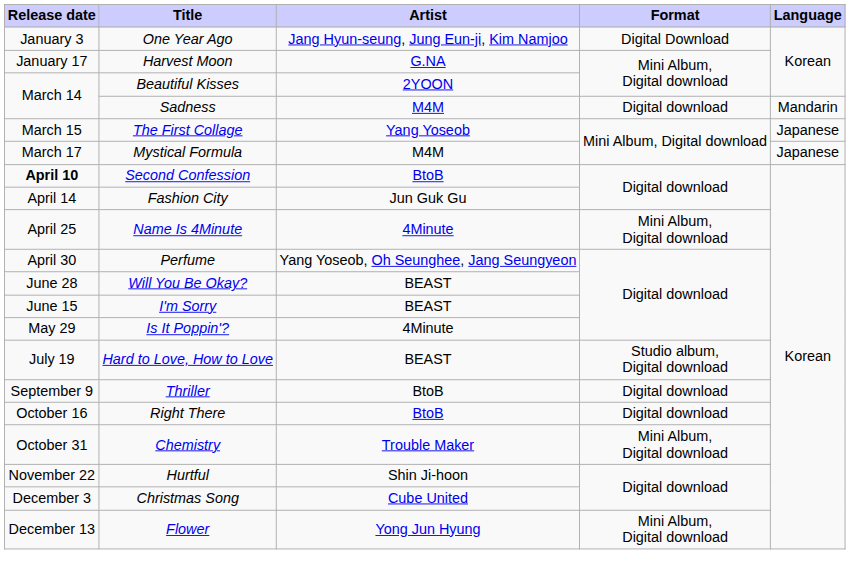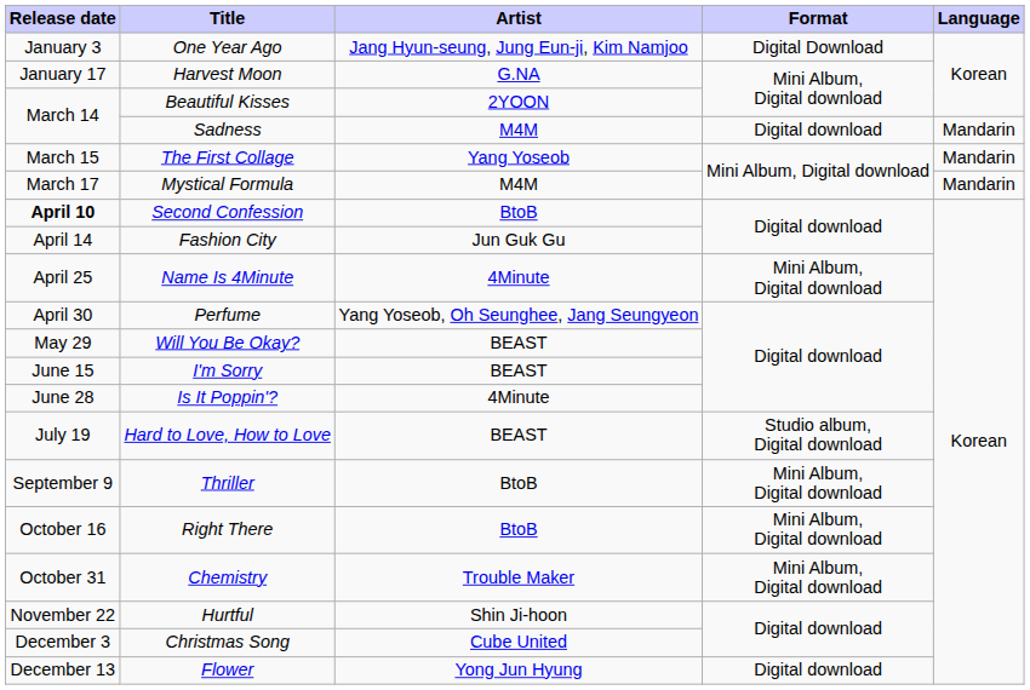 <table class="wikitable sortable" style="text-align:center">
 <tr>
 <th style="background:#CCF;">Release date</th>
 <th style="background:#CCF;">Title</th>
 <th style="background:#CCF;">Artist</th>
 <th style="background:#CCF;">Format</th>
 <th style="background:#CCF;">Language</th>
 </tr>
 <tr>
 <td>January 3</td>
 <td><em>One Year Ago</em></td>
 <td><a href='#'>Jang Hyun-seung</a>, <a href='#'>Jung Eun-ji</a>, <a href='#'>Kim Namjoo</a></td>
 <td>Digital Download</td>
 <td rowspan="3">Korean</td>
 </tr>
 <tr>
 <td>January 17</td>
 <td><em>Harvest Moon</em></td>
 <td><a href='#'>G.NA</a></td>
 <td rowspan="2">Mini Album,<br>Digital download</td>
 </tr>
 <tr>
 <td rowspan="2">March 14</td>
 <td><em>Beautiful Kisses</em></td>
 <td><a href='#'>2YOON</a></td>
 </tr>
 <tr>
 <td><em>Sadness</em></td>
 <td><a href='#'>M4M</a></td>
 <td>Digital download</td>
 <td>Mandarin</td>
 </tr>
 <tr>
 <td>March 15</td>
 <td><em><a href='#'>The First Collage</a></em></td>
 <td><a href='#'>Yang Yoseob</a></td>
 <td rowspan="2">Mini Album, Digital download</td>
-<td>Japanese</td>
+<td>Mandarin</td>
 </tr>
 <tr>
 <td>March 17</td>
 <td><em>Mystical Formula</em></td>
 <td>M4M</td>
-<td>Japanese</td>
+<td>Mandarin</td>
 </tr>
 <tr>
 <td><strong>April 10</strong></td>
 <td><em><a href='#'>Second Confession</a></em></td>
 <td><a href='#'>BtoB</a></td>
 <td rowspan="2">Digital download</td>
 <td rowspan="14">Korean</td>
 </tr>
 <tr>
 <td>April 14</td>
 <td><em>Fashion City</em></td>
 <td>Jun Guk Gu</td>
 </tr>
 <tr>
 <td>April 25</td>
 <td><em><a href='#'>Name Is 4Minute</a></em></td>
 <td><a href='#'>4Minute</a></td>
 <td>Mini Album,<br>Digital download</td>
 </tr>
 <tr>
 <td>April 30</td>
 <td><em>Perfume</em></td>
 <td>Yang Yoseob, <a href='#'>Oh Seunghee</a>, <a href='#'>Jang Seungyeon</a></td>
 <td rowspan="4">Digital download</td>
 </tr>
 <tr>
-<td>June 28</td>
+<td>May 29</td>
 <td><em><a href='#'>Will You Be Okay?</a></em></td>
 <td>BEAST</td>
 </tr>
 <tr>
 <td>June 15</td>
 <td><em><a href='#'>I'm Sorry</a></em></td>
 <td>BEAST</td>
 </tr>
 <tr>
-<td>May 29</td>
+<td>June 28</td>
 <td><em><a href='#'>Is It Poppin'?</a></em></td>
 <td>4Minute</td>
 </tr>
 <tr>
 <td>July 19</td>
 <td><em><a href='#'>Hard to Love, How to Love</a></em></td>
 <td>BEAST</td>
 <td>Studio album,<br>Digital download</td>
 </tr>
 <tr>
 <td>September 9</td>
 <td><em><a href='#'>Thriller</a></em></td>
 <td>BtoB</td>
-<td>Digital download</td>
+<td>Mini Album,<br>Digital download</td>
 </tr>
 <tr>
 <td>October 16</td>
 <td><em>Right There</em></td>
 <td><a href='#'>BtoB</a></td>
-<td>Digital download</td>
+<td>Mini Album,<br>Digital download</td>
 </tr>
 <tr>
 <td>October 31</td>
 <td><em><a href='#'>Chemistry</a></em></td>
 <td><a href='#'>Trouble Maker</a></td>
 <td>Mini Album,<br>Digital download</td>
 </tr>
 <tr>
 <td>November 22</td>
 <td><em>Hurtful</em></td>
 <td>Shin Ji-hoon</td>
 <td rowspan="2">Digital download</td>
 </tr>
 <tr>
 <td>December 3</td>
 <td><em>Christmas Song</em></td>
 <td><a href='#'>Cube United</a></td>
 </tr>
 <tr>
 <td>December 13</td>
 <td><em><a href='#'>Flower</a></em></td>
 <td><a href='#'>Yong Jun Hyung</a></td>
-<td>Mini Album,<br>Digital download</td>
+<td>Digital download</td>
 </tr>
 </table>
